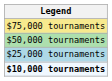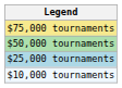 <table class="wikitable" style=font-size:85%>
 <tr>
 <th>Legend</th>
 </tr>
 <tr bgcolor="F7E98E">
 <td>$75,000 tournaments</td>
 </tr>
 <tr bgcolor="ADDFAD">
 <td>$50,000 tournaments</td>
 </tr>
 <tr bgcolor="lightblue">
 <td>$25,000 tournaments</td>
 </tr>
 <tr bgcolor="f0f8ff">
-<td><strong>$10,000 tournaments</strong></td>
+<td>$10,000 tournaments</td>
 </tr>
 </table>
